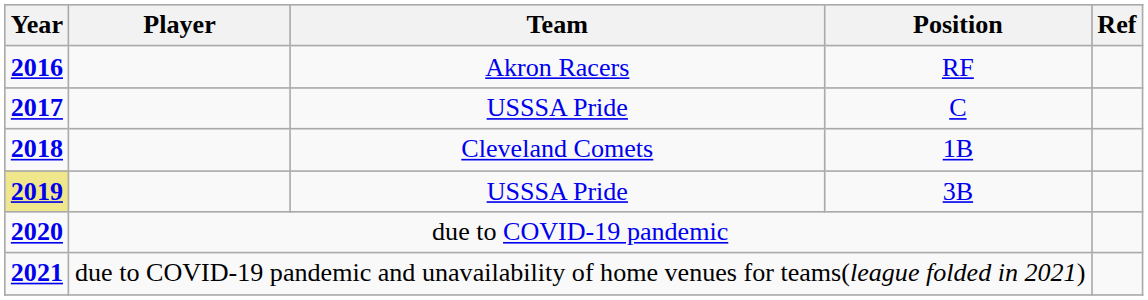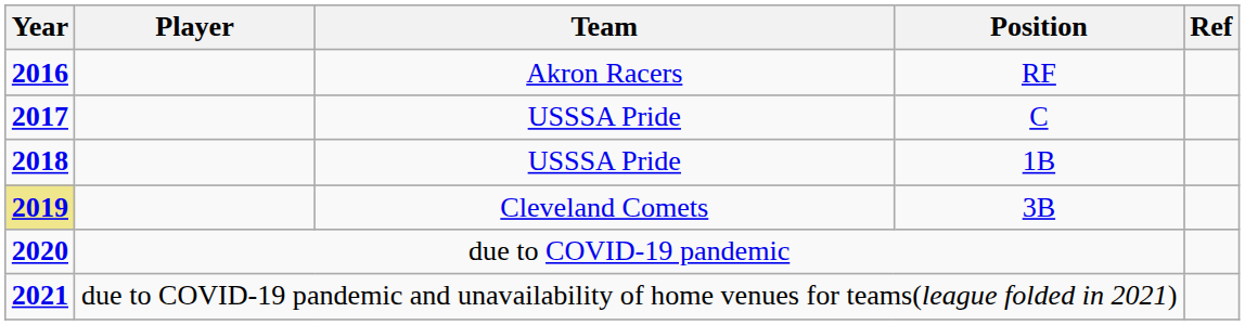 <table class="wikitable sortable" style="text-align:center;">
 <tr>
 <th scope="col">Year</th>
 <th scope="col">Player</th>
 <th scope="col">Team</th>
 <th scope="col">Position</th>
 <th scope="col" class=unsortable>Ref</th>
 </tr>
 <tr>
 <td><strong><a href='#'>2016</a></strong></td>
 <td></td>
 <td><a href='#'>Akron Racers</a></td>
 <td><a href='#'>RF</a></td>
 <td></td>
 </tr>
 <tr>
 <td><strong><a href='#'>2017</a></strong></td>
 <td></td>
 <td><a href='#'>USSSA Pride</a></td>
 <td><a href='#'>C</a></td>
 <td></td>
 </tr>
 <tr>
 <td><strong><a href='#'>2018</a></strong></td>
 <td></td>
-<td><a href='#'>Cleveland Comets</a></td>
+<td><a href='#'>USSSA Pride</a></td>
 <td><a href='#'>1B</a></td>
 <td></td>
 </tr>
 <tr>
 <td style="background: khaki;"><strong><a href='#'>2019</a></strong></td>
 <td></td>
-<td><a href='#'>USSSA Pride</a></td>
+<td><a href='#'>Cleveland Comets</a></td>
 <td><a href='#'>3B</a></td>
 <td></td>
 </tr>
 <tr>
 <td><strong><a href='#'>2020</a></strong></td>
 <td colspan=3 align=center> due to <a href='#'>COVID-19 pandemic</a></td>
 <td></td>
 </tr>
 <tr>
 <td><strong><a href='#'>2021</a></strong></td>
 <td colspan=3 align=center> due to COVID-19 pandemic and unavailability of home venues for teams(<em>league folded in 2021</em>)</td>
 <td></td>
 </tr>
 </table>
